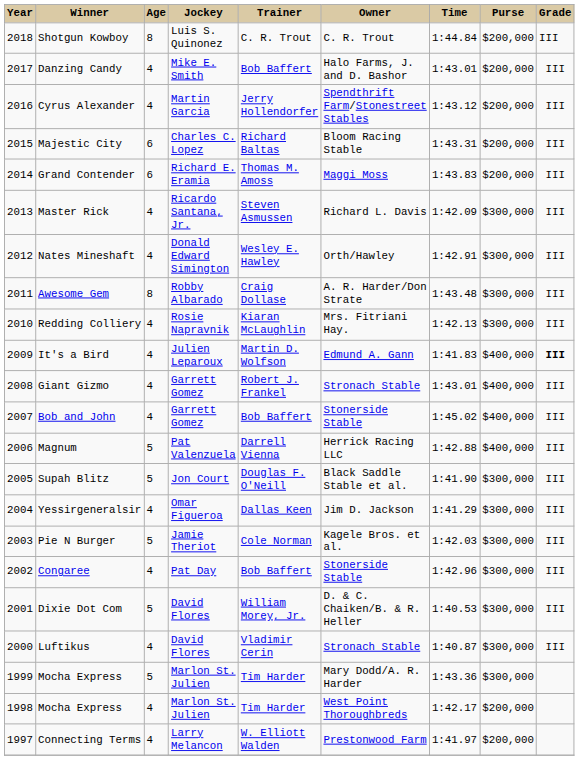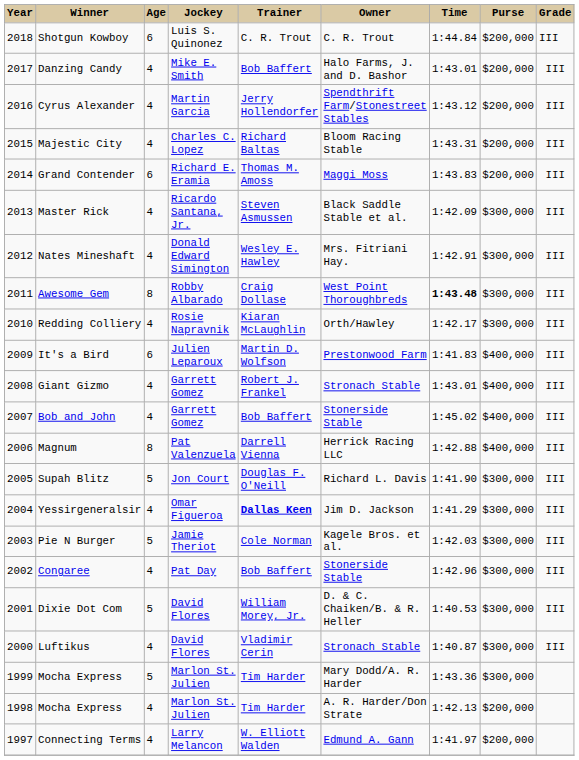 <table class="wikitable sortable" style="font-size:90%;">
 <tr>
 <th style="background-color:#DACAA5; width:38px">Year<br></th>
 <th style="background-color:#DACAA5; width:135px">Winner<br></th>
 <th style="background-color:#DACAA5; width:28px">Age<br></th>
 <th style="background-color:#DACAA5; width:135px">Jockey<br></th>
 <th style="background-color:#DACAA5; width:140px">Trainer<br></th>
 <th style="background-color:#DACAA5; width:170px">Owner<br></th>
 <th style="background-color:#DACAA5; width:40px" align=center>Time<br></th>
 <th style="background-color:#DACAA5; width:75px">Purse<br></th>
 <th style="background-color:#DACAA5; width:40px">Grade <br></th>
 </tr>
 <tr>
 <td>2018</td>
 <td>Shotgun Kowboy</td>
-<td>8</td>
+<td>6</td>
 <td>Luis S. Quinonez</td>
 <td>C. R. Trout</td>
 <td>C. R. Trout</td>
 <td>1:44.84</td>
 <td>$200,000</td>
 <td>III</td>
 </tr>
 <tr>
 <td>2017</td>
 <td>Danzing Candy</td>
 <td>4</td>
 <td><a href='#'>Mike E. Smith</a></td>
 <td><a href='#'>Bob Baffert</a></td>
 <td>Halo Farms, J. and D. Bashor</td>
 <td>1:43.01</td>
 <td align=center>$200,000</td>
 <td align=center>III</td>
 </tr>
 <tr>
 <td>2016</td>
 <td>Cyrus Alexander</td>
 <td>4</td>
 <td><a href='#'>Martin Garcia</a></td>
 <td><a href='#'>Jerry Hollendorfer</a></td>
 <td><a href='#'>Spendthrift Farm</a>/<a href='#'>Stonestreet Stables</a></td>
 <td>1:43.12</td>
 <td align=center>$200,000</td>
 <td align=center>III</td>
 </tr>
 <tr>
 <td>2015</td>
 <td>Majestic City</td>
-<td>6</td>
+<td>4</td>
 <td><a href='#'>Charles C. Lopez</a></td>
 <td><a href='#'>Richard Baltas</a></td>
 <td>Bloom Racing Stable</td>
 <td>1:43.31</td>
 <td align=center>$200,000</td>
 <td align=center>III</td>
 </tr>
 <tr>
 <td>2014</td>
 <td>Grand Contender</td>
 <td>6</td>
 <td><a href='#'>Richard E. Eramia</a></td>
 <td><a href='#'>Thomas M. Amoss</a></td>
 <td><a href='#'>Maggi Moss</a></td>
 <td>1:43.83</td>
 <td align=center>$200,000</td>
 <td align=center>III</td>
 </tr>
 <tr>
 <td>2013</td>
 <td>Master Rick</td>
 <td>4</td>
 <td><a href='#'>Ricardo Santana, Jr.</a></td>
 <td><a href='#'>Steven Asmussen</a></td>
-<td>Richard L. Davis</td>
+<td>Black Saddle Stable et al.</td>
 <td>1:42.09</td>
 <td align=center>$300,000</td>
 <td align=center>III</td>
 </tr>
 <tr>
 <td>2012</td>
 <td>Nates Mineshaft</td>
 <td>4</td>
 <td><a href='#'>Donald Edward Simington</a></td>
 <td><a href='#'>Wesley E. Hawley</a></td>
-<td>Orth/Hawley</td>
+<td>Mrs. Fitriani Hay.</td>
 <td>1:42.91</td>
 <td align=center>$300,000</td>
 <td align=center>III</td>
 </tr>
 <tr>
 <td>2011</td>
 <td><a href='#'>Awesome Gem</a></td>
 <td>8</td>
 <td><a href='#'>Robby Albarado</a></td>
 <td><a href='#'>Craig Dollase</a></td>
-<td>A. R. Harder/Don Strate</td>
-<td>1:43.48</td>
+<td><a href='#'>West Point Thoroughbreds</a></td>
+<td><strong>1:43.48</strong></td>
 <td align=center>$300,000</td>
 <td align=center>III</td>
 </tr>
 <tr>
 <td>2010</td>
 <td>Redding Colliery</td>
 <td>4</td>
 <td><a href='#'>Rosie Napravnik</a></td>
 <td><a href='#'>Kiaran McLaughlin</a></td>
-<td>Mrs. Fitriani Hay.</td>
-<td>1:42.13</td>
+<td>Orth/Hawley</td>
+<td>1:42.17</td>
 <td align=center>$300,000</td>
 <td align=center>III</td>
 </tr>
 <tr>
 <td>2009</td>
 <td>It's a Bird</td>
-<td>4</td>
+<td>6</td>
 <td><a href='#'>Julien Leparoux</a></td>
 <td><a href='#'>Martin D. Wolfson</a></td>
-<td><a href='#'>Edmund A. Gann</a></td>
+<td><a href='#'>Prestonwood Farm</a></td>
 <td>1:41.83</td>
 <td align=center>$400,000</td>
-<td align=center><strong>III</strong></td>
+<td align=center>III</td>
 </tr>
 <tr>
 <td>2008</td>
 <td>Giant Gizmo</td>
 <td>4</td>
 <td><a href='#'>Garrett Gomez</a></td>
 <td><a href='#'>Robert J. Frankel</a></td>
 <td><a href='#'>Stronach Stable</a></td>
 <td>1:43.01</td>
 <td align=center>$400,000</td>
 <td align=center>III</td>
 </tr>
 <tr>
 <td>2007</td>
 <td><a href='#'>Bob and John</a></td>
 <td>4</td>
 <td><a href='#'>Garrett Gomez</a></td>
 <td><a href='#'>Bob Baffert</a></td>
 <td><a href='#'>Stonerside Stable</a></td>
 <td>1:45.02</td>
 <td align=center>$400,000</td>
 <td align=center>III</td>
 </tr>
 <tr>
 <td>2006</td>
 <td>Magnum</td>
-<td>5</td>
+<td>8</td>
 <td><a href='#'>Pat Valenzuela</a></td>
 <td><a href='#'>Darrell Vienna</a></td>
 <td>Herrick Racing LLC</td>
 <td>1:42.88</td>
 <td align=center>$400,000</td>
 <td align=center>III</td>
 </tr>
 <tr>
 <td>2005</td>
 <td>Supah Blitz</td>
 <td>5</td>
 <td><a href='#'>Jon Court</a></td>
 <td><a href='#'>Douglas F. O'Neill</a></td>
-<td>Black Saddle Stable et al.</td>
+<td>Richard L. Davis</td>
 <td>1:41.90</td>
 <td align=center>$300,000</td>
 <td align=center>III</td>
 </tr>
 <tr>
 <td>2004</td>
 <td>Yessirgeneralsir</td>
 <td>4</td>
 <td><a href='#'>Omar Figueroa</a></td>
-<td><a href='#'>Dallas Keen</a></td>
+<td><strong><a href='#'>Dallas Keen</a></strong></td>
 <td>Jim D. Jackson</td>
 <td>1:41.29</td>
 <td align=center>$300,000</td>
 <td align=center>III</td>
 </tr>
 <tr>
 <td>2003</td>
 <td>Pie N Burger</td>
 <td>5</td>
 <td><a href='#'>Jamie Theriot</a></td>
 <td><a href='#'>Cole Norman</a></td>
 <td>Kagele Bros. et al.</td>
 <td>1:42.03</td>
 <td align=center>$300,000</td>
 <td align=center>III</td>
 </tr>
 <tr>
 <td>2002</td>
 <td><a href='#'>Congaree</a></td>
 <td>4</td>
 <td><a href='#'>Pat Day</a></td>
 <td><a href='#'>Bob Baffert</a></td>
 <td><a href='#'>Stonerside Stable</a></td>
 <td>1:42.96</td>
 <td align=center>$300,000</td>
 <td align=center>III</td>
 </tr>
 <tr>
 <td>2001</td>
 <td>Dixie Dot Com</td>
 <td>5</td>
 <td><a href='#'>David Flores</a></td>
 <td><a href='#'>William Morey, Jr.</a></td>
 <td>D. & C. Chaiken/B. & R. Heller</td>
 <td>1:40.53</td>
 <td align=center>$300,000</td>
 <td align=center>III</td>
 </tr>
 <tr>
 <td>2000</td>
 <td>Luftikus</td>
 <td>4</td>
 <td><a href='#'>David Flores</a></td>
 <td><a href='#'>Vladimir Cerin</a></td>
 <td><a href='#'>Stronach Stable</a></td>
 <td>1:40.87</td>
 <td align=center>$300,000</td>
 <td align=center>III</td>
 </tr>
 <tr>
 <td>1999</td>
 <td>Mocha Express</td>
 <td>5</td>
 <td><a href='#'>Marlon St. Julien</a></td>
 <td><a href='#'>Tim Harder</a></td>
 <td>Mary Dodd/A. R. Harder</td>
 <td>1:43.36</td>
 <td align=center>$300,000</td>
 <td align=center></td>
 </tr>
 <tr>
 <td>1998</td>
 <td>Mocha Express</td>
 <td>4</td>
 <td><a href='#'>Marlon St. Julien</a></td>
 <td><a href='#'>Tim Harder</a></td>
-<td><a href='#'>West Point Thoroughbreds</a></td>
-<td>1:42.17</td>
+<td>A. R. Harder/Don Strate</td>
+<td>1:42.13</td>
 <td align=center>$200,000</td>
 <td align=center></td>
 </tr>
 <tr>
 <td>1997</td>
 <td>Connecting Terms</td>
 <td>4</td>
 <td><a href='#'>Larry Melancon</a></td>
 <td><a href='#'>W. Elliott Walden</a></td>
-<td><a href='#'>Prestonwood Farm</a></td>
+<td><a href='#'>Edmund A. Gann</a></td>
 <td>1:41.97</td>
 <td align=center>$200,000</td>
 <td align=center></td>
 </tr>
 <tr>
 </tr>
 </table>
